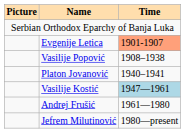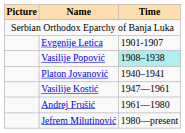 <table align="center" class="wikitable">
 <tr>
 <th style=background:#FFDEAD;>Picture</th>
 <th style=background:#FFDEAD;>Name</th>
 <th style=background:#FFDEAD;>Time</th>
 </tr>
 <tr>
 <td colspan=4 style="text-align:center;">Serbian Orthodox Eparchy of Banja Luka</td>
 </tr>
 <tr>
 <td></td>
 <td><a href='#'>Evgenije Letica</a></td>
-<td style="background: lightsalmon;">1901-1907</td>
+<td>1901-1907</td>
 </tr>
 <tr>
 <td></td>
 <td><a href='#'>Vasilije Popović</a></td>
-<td>1908–1938</td>
+<td style="background: paleturquoise;">1908–1938</td>
 </tr>
 <tr>
 <td></td>
 <td><a href='#'>Platon Jovanović</a></td>
 <td>1940–1941</td>
 </tr>
 <tr>
 <td></td>
 <td><a href='#'>Vasilije Kostić</a></td>
-<td style="background: lightblue;">1947—1961</td>
+<td>1947—1961</td>
 </tr>
 <tr>
 <td></td>
 <td><a href='#'>Andrej Frušić</a></td>
 <td>1961—1980</td>
 </tr>
 <tr>
 <td></td>
 <td><a href='#'>Jefrem Milutinović</a></td>
 <td>1980—present</td>
 </tr>
 </table>
